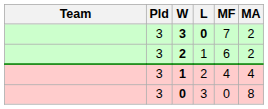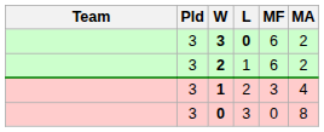 <table class=wikitable style="text-align:center">
 <tr>
 <th width=175>Team</th>
 <th width=20>Pld</th>
 <th width=20>W</th>
 <th width=20>L</th>
 <th width=20>MF</th>
 <th width=20>MA</th>
 </tr>
 <tr bgcolor=ccffcc>
 <td style="text-align:left"></td>
 <td>3</td>
 <td><strong>3</strong></td>
 <td><strong>0</strong></td>
-<td>7</td>
+<td>6</td>
 <td>2</td>
 </tr>
 <tr bgcolor=ccffcc style="border-bottom:2px solid green;">
 <td style="text-align:left"></td>
 <td>3</td>
 <td><strong>2</strong></td>
 <td>1</td>
 <td>6</td>
 <td>2</td>
 </tr>
 <tr bgcolor=ffcccc>
 <td style="text-align:left"></td>
 <td>3</td>
 <td><strong>1</strong></td>
 <td>2</td>
-<td>4</td>
+<td>3</td>
 <td>4</td>
 </tr>
 <tr bgcolor=ffcccc>
 <td style="text-align:left"></td>
 <td>3</td>
 <td><strong>0</strong></td>
 <td>3</td>
 <td>0</td>
 <td>8</td>
 </tr>
 </table>
